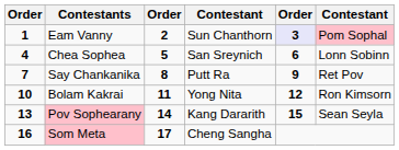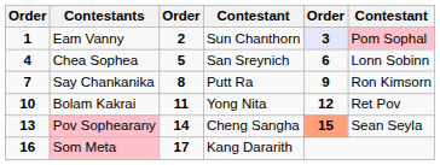 <table class="wikitable">
 <tr>
 <th>Order</th>
 <th>Contestants</th>
 <th>Order</th>
 <th>Contestant</th>
 <th>Order</th>
 <th>Contestant</th>
 </tr>
 <tr>
 <td align="center"><strong>1</strong></td>
 <td>Eam Vanny</td>
 <td align="center"><strong>2</strong></td>
 <td>Sun Chanthorn</td>
 <td align="center" style="background: lavender;"><strong>3</strong></td>
 <td style="background:pink">Pom Sophal</td>
 </tr>
 <tr>
 <td align="center"><strong>4</strong></td>
 <td>Chea Sophea</td>
 <td align="center"><strong>5</strong></td>
 <td>San Sreynich</td>
 <td align="center"><strong>6</strong></td>
 <td>Lonn Sobinn</td>
 </tr>
 <tr>
 <td align="center"><strong>7</strong></td>
 <td>Say Chankanika</td>
 <td align="center"><strong>8</strong></td>
 <td>Putt Ra</td>
 <td align="center"><strong>9</strong></td>
-<td>Ret Pov</td>
+<td>Ron Kimsorn</td>
 </tr>
 <tr>
 <td align="center"><strong>10</strong></td>
 <td>Bolam Kakrai</td>
 <td align="center"><strong>11</strong></td>
 <td>Yong Nita</td>
 <td align="center"><strong>12</strong></td>
-<td>Ron Kimsorn</td>
+<td>Ret Pov</td>
 </tr>
 <tr>
 <td align="center"><strong>13</strong></td>
 <td style="background:pink">Pov Sophearany</td>
 <td align="center"><strong>14</strong></td>
-<td>Kang Dararith</td>
-<td align="center"><strong>15</strong></td>
+<td>Cheng Sangha</td>
+<td align="center" style="background: lightsalmon;"><strong>15</strong></td>
 <td>Sean Seyla</td>
 </tr>
 <tr>
 <td align="center"><strong>16</strong></td>
 <td style="background:pink">Som Meta</td>
 <td align="center"><strong>17</strong></td>
-<td>Cheng Sangha</td>
+<td>Kang Dararith</td>
 </tr>
 </table>
